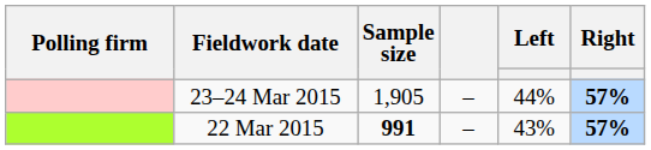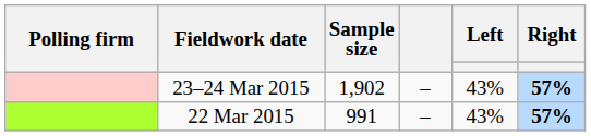 <table class="wikitable sortable" style="text-align:center;font-size:90%;line-height:14px;">
 <tr style="height:40px;">
 <th style="width:100px;" rowspan="2">Polling firm</th>
 <th style="width:110px;" rowspan="2">Fieldwork date</th>
 <th style="width:35px;" rowspan="2">Sample<br>size</th>
 <th style="width:30px;" rowspan="2"></th>
 <th class="unsortable" style="width:40px;">Left</th>
 <th class="unsortable" style="width:40px;">Right</th>
 </tr>
 <tr>
 <th style="background:"></th>
 <th style="background:"></th>
 </tr>
 <tr>
 <td style="background:#FFCCCC;"></td>
 <td data-sort-value="2015-03-24">23–24 Mar 2015</td>
-<td>1,905</td>
+<td>1,902</td>
 <td>–</td>
-<td>44%</td>
+<td>43%</td>
 <td style="background:#B9DAFF;"><strong>57%</strong></td>
 </tr>
 <tr>
 <td style="background:GreenYellow;"></td>
 <td data-sort-value="2015-03-22">22 Mar 2015</td>
-<td><strong>991</strong></td>
+<td>991</td>
 <td>–</td>
 <td>43%</td>
 <td style="background:#B9DAFF;"><strong>57%</strong></td>
 </tr>
 </table>
